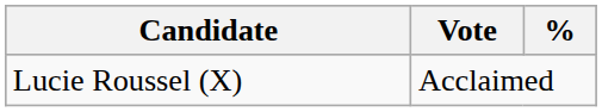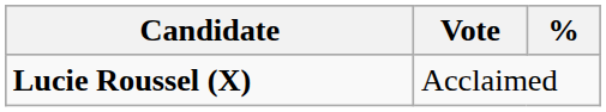 <table class="wikitable">
 <tr>
 <th bgcolor="#DDDDFF" width="200px">Candidate</th>
 <th bgcolor="#DDDDFF" width="50px">Vote</th>
 <th bgcolor="#DDDDFF" width="30px">%</th>
 </tr>
 <tr>
-<td>Lucie Roussel (X)</td>
+<td><strong>Lucie Roussel (X)</strong></td>
 <td colspan="2">Acclaimed</td>
 </tr>
 </table>
